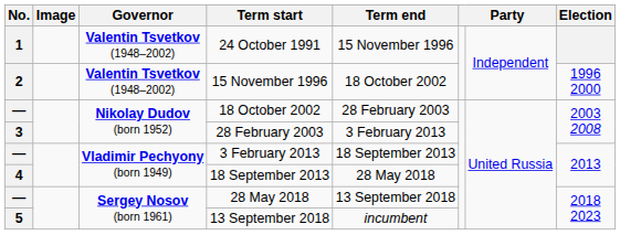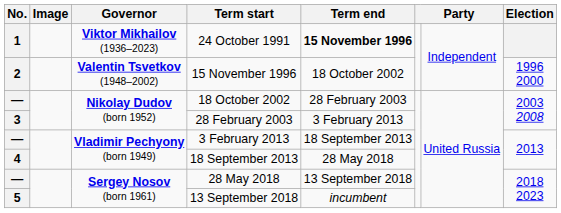 <table class="wikitable" style="text-align:center">
 <tr style="background:#cccccc" bgcolor=#E6E6AA>
 <th>No.</th>
 <th>Image</th>
 <th>Governor</th>
 <th>Term start</th>
 <th>Term end</th>
 <th colspan=2>Party</th>
 <th>Election</th>
 </tr>
 <tr>
 <th>1</th>
 <td></td>
-<td><strong><a href='#'>Valentin Tsvetkov</a></strong><br><small>(1948–2002)</small></td>
+<td><strong><a href='#'>Viktor Mikhailov</a></strong><br><small>(1936–2023)</small></td>
 <td>24 October 1991</td>
-<td>15 November 1996</td>
+<td><strong>15 November 1996</strong></td>
 <td rowspan=2; style="background: "></td>
 <td rowspan=2><a href='#'>Independent</a></td>
 <th></th>
 </tr>
 <tr>
 <th>2</th>
 <td></td>
 <td><strong><a href='#'>Valentin Tsvetkov</a></strong><br><small>(1948–2002)</small></td>
 <td>15 November 1996</td>
 <td>18 October 2002</td>
 <td><a href='#'>1996</a><br><a href='#'>2000</a></td>
 </tr>
 <tr>
 <th>—</th>
 <td rowspan=2></td>
 <td rowspan=2><strong><a href='#'>Nikolay Dudov</a></strong><br><small>(born 1952)</small></td>
 <td>18 October 2002</td>
 <td>28 February 2003</td>
 <td rowspan=6; style="background: "></td>
 <td rowspan=6><a href='#'>United Russia</a></td>
 <td rowspan=2><a href='#'>2003</a><br><em><a href='#'>2008</a></em></td>
 </tr>
 <tr>
 <th>3</th>
 <td>28 February 2003</td>
 <td>3 February 2013</td>
 </tr>
 <tr>
 <th>—</th>
 <td rowspan=2></td>
 <td rowspan=2><strong><a href='#'>Vladimir Pechyony</a></strong><br><small>(born 1949)</small></td>
 <td>3 February 2013</td>
 <td>18 September 2013</td>
 <td rowspan=2><a href='#'>2013</a></td>
 </tr>
 <tr>
 <th>4</th>
 <td>18 September 2013</td>
 <td>28 May 2018</td>
 </tr>
 <tr>
 <th>—</th>
 <td rowspan=2></td>
 <td rowspan=2><strong><a href='#'>Sergey Nosov</a></strong><br><small>(born 1961)</small></td>
 <td>28 May 2018</td>
 <td>13 September 2018</td>
 <td rowspan=2><a href='#'>2018</a><br><a href='#'>2023</a></td>
 </tr>
 <tr>
 <th>5</th>
 <td>13 September 2018</td>
 <td><em>incumbent</em></td>
 </tr>
 </table>
